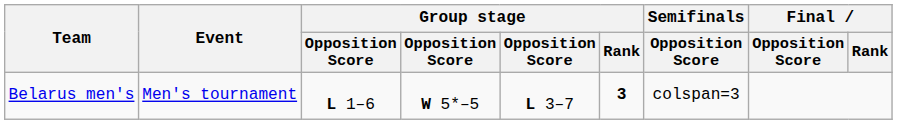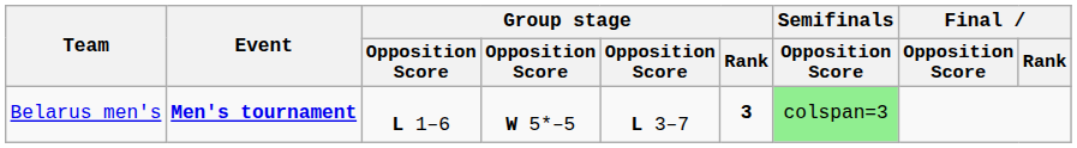 <table class="wikitable" style="text-align:center; font-size:90%">
 <tr>
 <th rowspan=2>Team</th>
 <th rowspan=2>Event</th>
 <th colspan=4>Group stage</th>
 <th>Semifinals</th>
 <th colspan=2>Final / </th>
 </tr>
 <tr style="font-size:95%">
 <th>Opposition<br>Score</th>
 <th>Opposition<br>Score</th>
 <th>Opposition<br>Score</th>
 <th>Rank</th>
 <th>Opposition<br>Score</th>
 <th>Opposition<br>Score</th>
 <th>Rank</th>
 </tr>
 <tr>
 <td align=left><a href='#'>Belarus men's</a></td>
-<td align=left><a href='#'>Men's tournament</a></td>
+<td align=left><strong><a href='#'>Men's tournament</a></strong></td>
 <td><br><strong>L</strong> 1–6</td>
 <td><br><strong>W</strong> 5*–5</td>
 <td><br><strong>L</strong> 3–7</td>
 <td><strong>3</strong></td>
-<td>colspan=3 </td>
+<td style="background: lightgreen;">colspan=3 </td>
 </tr>
 </table>
